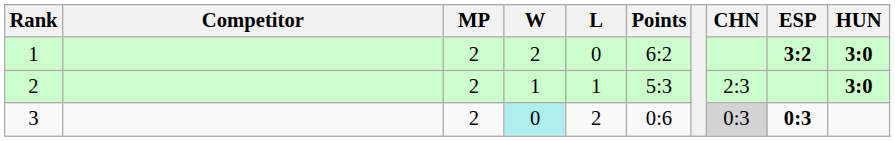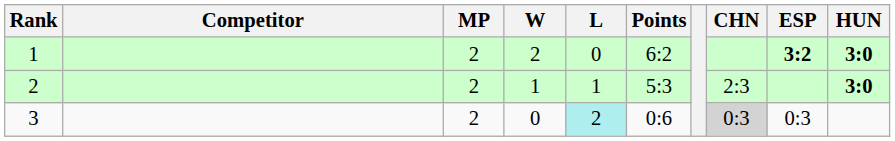 <table class="wikitable" style="text-align:center">
 <tr>
 <th>Rank</th>
 <th style="width:18em">Competitor</th>
 <th style="width:2.5em">MP</th>
 <th style="width:2.5em">W</th>
 <th style="width:2.5em">L</th>
 <th>Points</th>
 <th rowspan="4"> </th>
 <th style="width:2.5em">CHN</th>
 <th style="width:2.5em">ESP</th>
 <th style="width:2.5em">HUN</th>
 </tr>
 <tr style="background:#cfc;">
 <td>1</td>
 <td style="text-align:left"></td>
 <td>2</td>
 <td>2</td>
 <td>0</td>
 <td>6:2</td>
 <td></td>
 <td><strong>3:2</strong></td>
 <td><strong>3:0</strong></td>
 </tr>
 <tr style="background:#cfc;">
 <td>2</td>
 <td style="text-align:left"></td>
 <td>2</td>
 <td>1</td>
 <td>1</td>
 <td>5:3</td>
 <td>2:3</td>
 <td></td>
 <td><strong>3:0</strong></td>
 </tr>
 <tr>
 <td>3</td>
 <td style="text-align:left"></td>
 <td>2</td>
-<td style="background: paleturquoise;">0</td>
-<td>2</td>
+<td>0</td>
+<td style="background: paleturquoise;">2</td>
 <td>0:6</td>
 <td style="background: lightgrey;">0:3</td>
-<td><strong>0:3</strong></td>
+<td>0:3</td>
 <td></td>
 </tr>
 </table>
